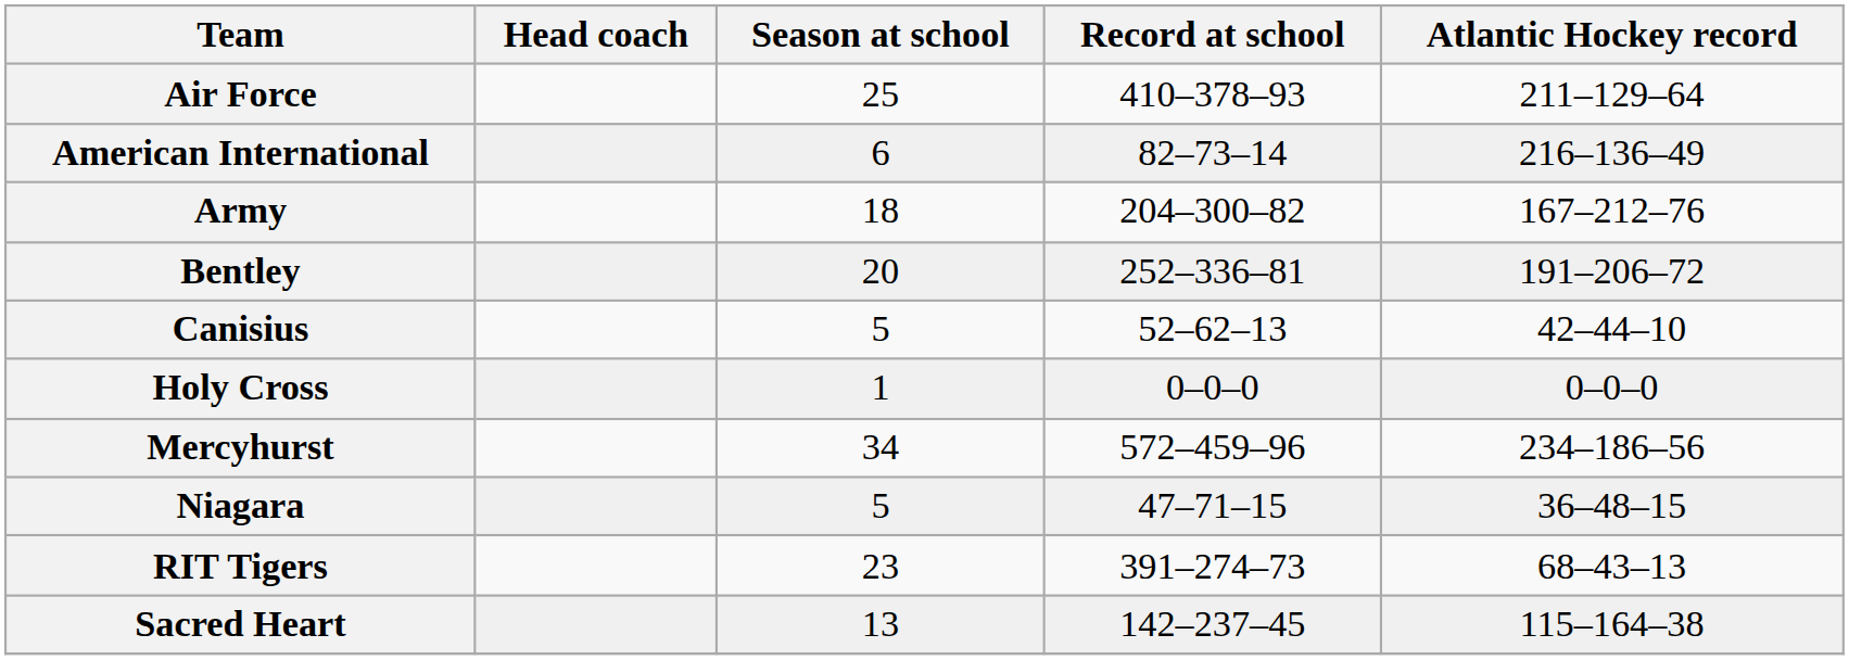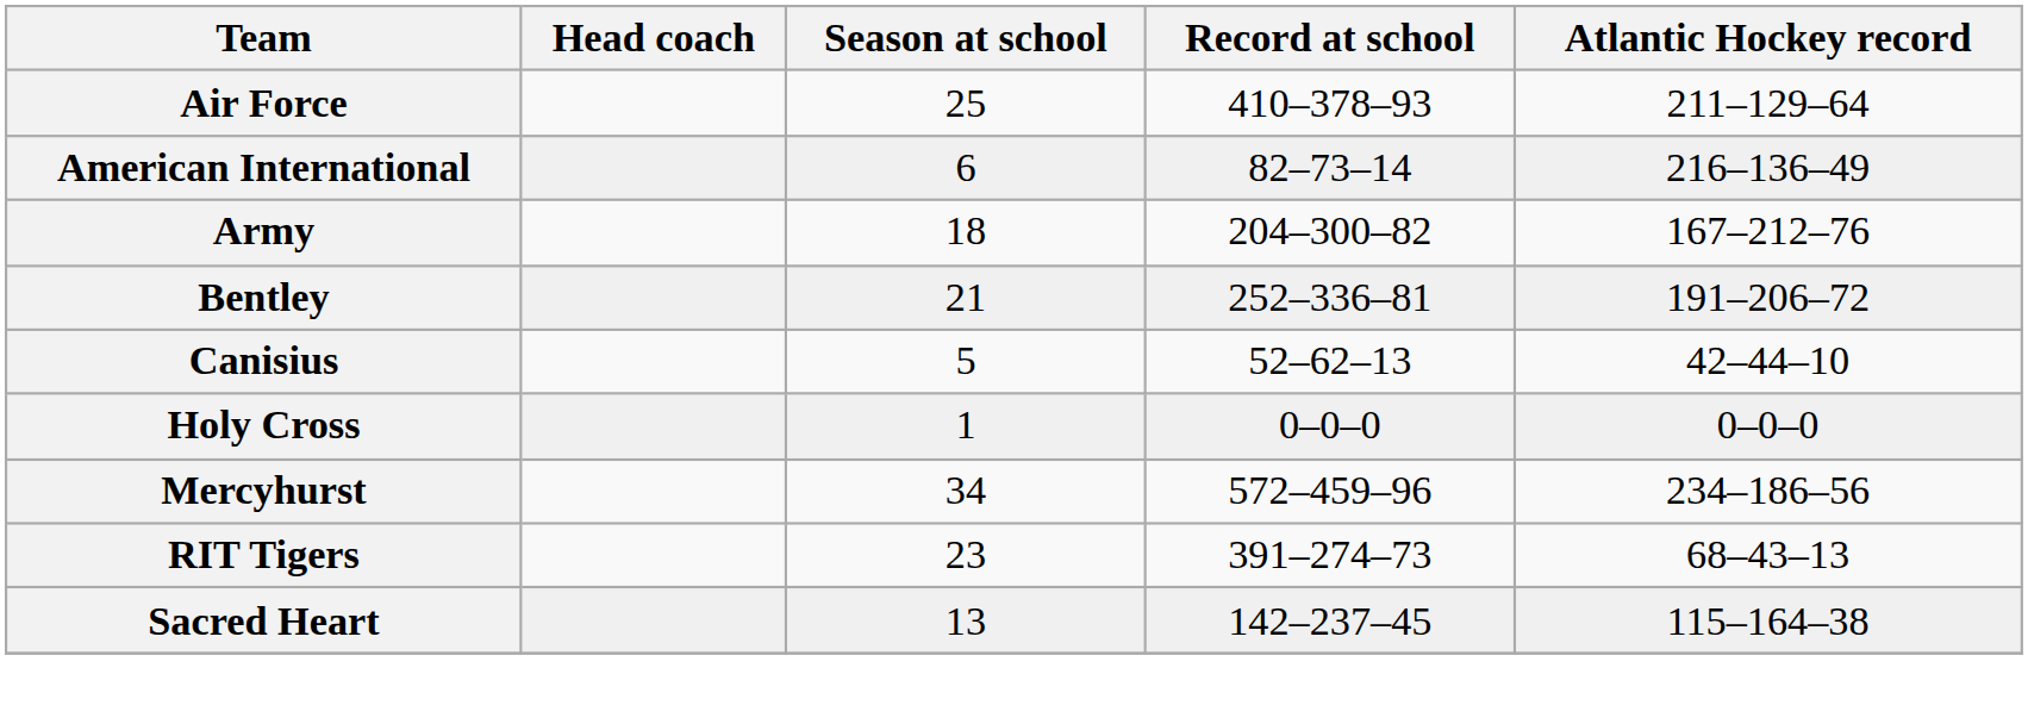 <table class="wikitable sortable" style="text-align: center; "width=50%">
 <tr>
 <th>Team</th>
 <th>Head coach</th>
 <th>Season at school</th>
 <th>Record at school</th>
 <th>Atlantic Hockey record</th>
 </tr>
 <tr>
 <th>Air Force</th>
 <td></td>
 <td>25</td>
 <td>410–378–93</td>
 <td>211–129–64</td>
 </tr>
 <tr bgcolor=f0f0f0>
 <th>American International</th>
 <td></td>
 <td>6</td>
 <td>82–73–14</td>
 <td>216–136–49</td>
 </tr>
 <tr>
 <th>Army</th>
 <td></td>
 <td>18</td>
 <td>204–300–82</td>
 <td>167–212–76</td>
 </tr>
 <tr bgcolor=f0f0f0>
 <th>Bentley</th>
 <td></td>
-<td>20</td>
+<td>21</td>
 <td>252–336–81</td>
 <td>191–206–72</td>
 </tr>
 <tr>
 <th>Canisius</th>
 <td></td>
 <td>5</td>
 <td>52–62–13</td>
 <td>42–44–10</td>
 </tr>
 <tr bgcolor=f0f0f0>
 <th>Holy Cross</th>
 <td></td>
 <td>1</td>
 <td>0–0–0</td>
 <td>0–0–0</td>
 </tr>
 <tr>
 <th>Mercyhurst</th>
 <td></td>
 <td>34</td>
 <td>572–459–96</td>
 <td>234–186–56</td>
 </tr>
-<tr bgcolor=f0f0f0>
-<th>Niagara</th>
-<td></td>
-<td>5</td>
-<td>47–71–15</td>
-<td>36–48–15</td>
-</tr>
 <tr>
 <th>RIT Tigers</th>
 <td></td>
 <td>23</td>
 <td>391–274–73</td>
 <td>68–43–13</td>
 </tr>
 <tr bgcolor=f0f0f0>
 <th>Sacred Heart</th>
 <td></td>
 <td>13</td>
 <td>142–237–45</td>
 <td>115–164–38</td>
 </tr>
 <tr>
 </tr>
 </table>
